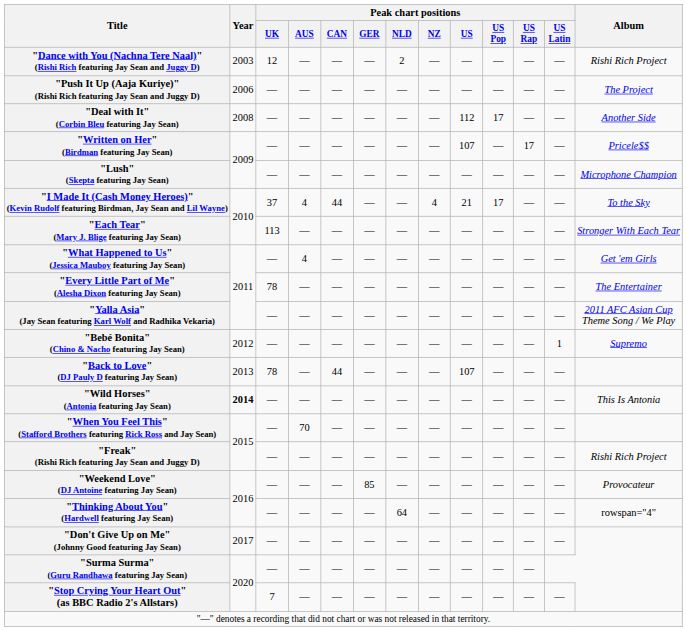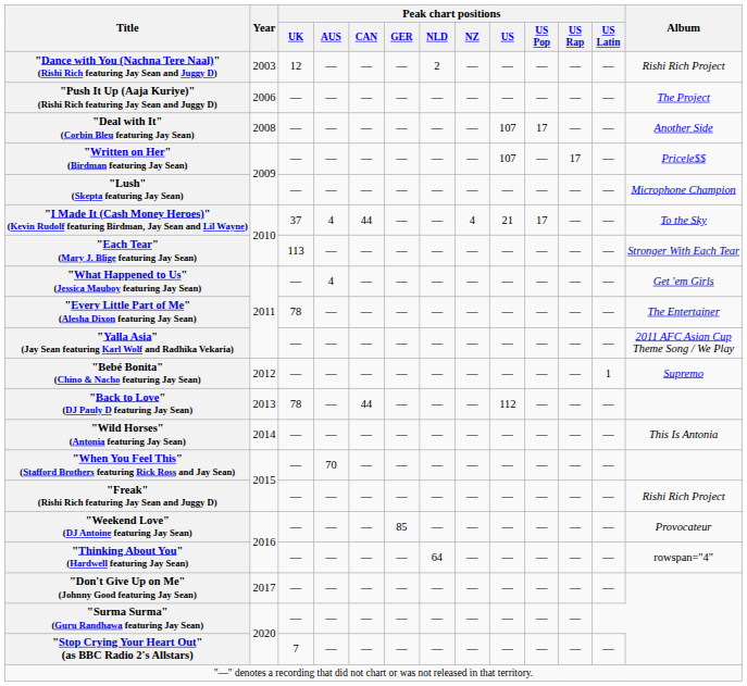 <table class="wikitable plainrowheaders" style="text-align:center;">
 <tr>
 <th scope="col" rowspan="2">Title</th>
 <th scope="col" rowspan="2">Year</th>
 <th scope="col" colspan="10">Peak chart positions</th>
 <th scope="col" rowspan="2">Album</th>
 </tr>
 <tr>
 <th scope="col" style="width:3em;font-size:90%;"><a href='#'>UK</a><br></th>
 <th scope="col" style="width:3em;font-size:90%;"><a href='#'>AUS</a><br></th>
 <th scope="col" style="width:3em;font-size:90%;"><a href='#'>CAN</a><br></th>
 <th scope="col" style="width:3em;font-size:90%;"><a href='#'>GER</a><br></th>
 <th scope="col" style="width:3em;font-size:90%;"><a href='#'>NLD</a><br></th>
 <th scope="col" style="width:3em;font-size:90%;"><a href='#'>NZ</a><br></th>
 <th scope="col" style="width:3em;font-size:90%;"><a href='#'>US</a><br></th>
 <th scope="col" style="width:2.8em;font-size:90%;"><a href='#'>US Pop</a><br></th>
 <th scope="col" style="width:2.8em;font-size:90%;"><a href='#'>US Rap</a><br></th>
 <th scope="col" style="width:2.8em;font-size:90%;"><a href='#'>US Latin</a><br></th>
 </tr>
 <tr>
 <th scope="row">"<a href='#'>Dance with You (Nachna Tere Naal)</a>"<br><small>(<a href='#'>Rishi Rich</a> featuring Jay Sean and <a href='#'>Juggy D</a>)</small></th>
 <td>2003</td>
 <td>12</td>
 <td>—</td>
 <td>—</td>
 <td>—</td>
 <td>2</td>
 <td>—</td>
 <td>—</td>
 <td>—</td>
 <td>—</td>
 <td>—</td>
 <td><em>Rishi Rich Project</em></td>
 </tr>
 <tr>
 <th scope="row">"Push It Up (Aaja Kuriye)"<br><small>(Rishi Rich featuring Jay Sean and Juggy D)</small></th>
 <td>2006</td>
 <td>—</td>
 <td>—</td>
 <td>—</td>
 <td>—</td>
 <td>—</td>
 <td>—</td>
 <td>—</td>
 <td>—</td>
 <td>—</td>
 <td>—</td>
 <td><em><a href='#'>The Project</a></em></td>
 </tr>
 <tr>
 <th scope="row">"Deal with It"<br><small>(<a href='#'>Corbin Bleu</a> featuring Jay Sean)</small></th>
 <td>2008</td>
 <td>—</td>
 <td>—</td>
 <td>—</td>
 <td>—</td>
 <td>—</td>
 <td>—</td>
-<td>112</td>
+<td>107</td>
 <td>17</td>
 <td>—</td>
 <td>—</td>
 <td><em><a href='#'>Another Side</a></em></td>
 </tr>
 <tr>
 <th scope="row">"<a href='#'>Written on Her</a>"<br><small>(<a href='#'>Birdman</a> featuring Jay Sean)</small></th>
 <td rowspan="2">2009</td>
 <td>—</td>
 <td>—</td>
 <td>—</td>
 <td>—</td>
 <td>—</td>
 <td>—</td>
 <td>107</td>
 <td>—</td>
 <td>17</td>
 <td>—</td>
 <td><em><a href='#'>Pricele$$</a></em></td>
 </tr>
 <tr>
 <th scope="row">"Lush"<br><small>(<a href='#'>Skepta</a> featuring Jay Sean)</small></th>
 <td>—</td>
 <td>—</td>
 <td>—</td>
 <td>—</td>
 <td>—</td>
 <td>—</td>
 <td>—</td>
 <td>—</td>
 <td>—</td>
 <td>—</td>
 <td><em><a href='#'>Microphone Champion</a></em></td>
 </tr>
 <tr>
 <th scope="row">"<a href='#'>I Made It (Cash Money Heroes)</a>"<br><small>(<a href='#'>Kevin Rudolf</a> featuring Birdman, Jay Sean and <a href='#'>Lil Wayne</a>)</small></th>
 <td rowspan="2">2010</td>
 <td>37</td>
 <td>4</td>
 <td>44</td>
 <td>—</td>
 <td>—</td>
 <td>4</td>
 <td>21</td>
 <td>17</td>
 <td>—</td>
 <td>—</td>
 <td><em><a href='#'>To the Sky</a></em></td>
 </tr>
 <tr>
 <th scope="row">"<a href='#'>Each Tear</a>"<br><small>(<a href='#'>Mary J. Blige</a> featuring Jay Sean)</small></th>
 <td>113</td>
 <td>—</td>
 <td>—</td>
 <td>—</td>
 <td>—</td>
 <td>—</td>
 <td>—</td>
 <td>—</td>
 <td>—</td>
 <td>—</td>
 <td><em><a href='#'>Stronger With Each Tear</a></em></td>
 </tr>
 <tr>
 <th scope="row">"<a href='#'>What Happened to Us</a>"<br><small>(<a href='#'>Jessica Mauboy</a> featuring Jay Sean)</small></th>
 <td rowspan="3">2011</td>
 <td>—</td>
 <td>4</td>
 <td>—</td>
 <td>—</td>
 <td>—</td>
 <td>—</td>
 <td>—</td>
 <td>—</td>
 <td>—</td>
 <td>—</td>
 <td><em><a href='#'>Get 'em Girls</a></em></td>
 </tr>
 <tr>
 <th scope="row">"<a href='#'>Every Little Part of Me</a>"<br><small>(<a href='#'>Alesha Dixon</a> featuring Jay Sean)</small></th>
 <td>78</td>
 <td>—</td>
 <td>—</td>
 <td>—</td>
 <td>—</td>
 <td>—</td>
 <td>—</td>
 <td>—</td>
 <td>—</td>
 <td>—</td>
 <td><em><a href='#'>The Entertainer</a></em></td>
 </tr>
 <tr>
 <th scope="row">"<a href='#'>Yalla Asia</a>"<br><small>(Jay Sean featuring <a href='#'>Karl Wolf</a> and Radhika Vekaria)</small></th>
 <td>—</td>
 <td>—</td>
 <td>—</td>
 <td>—</td>
 <td>—</td>
 <td>—</td>
 <td>—</td>
 <td>—</td>
 <td>—</td>
 <td>—</td>
 <td><em><a href='#'>2011 AFC Asian Cup</a> <br>Theme Song / We Play</em></td>
 </tr>
 <tr>
 <th scope="row">"Bebé Bonita"<br><small>(<a href='#'>Chino & Nacho</a> featuring Jay Sean)</small></th>
 <td>2012</td>
 <td>—</td>
 <td>—</td>
 <td>—</td>
 <td>—</td>
 <td>—</td>
 <td>—</td>
 <td>—</td>
 <td>—</td>
 <td>—</td>
 <td>1</td>
 <td><em><a href='#'>Supremo</a></em></td>
 </tr>
 <tr>
 <th scope="row">"<a href='#'>Back to Love</a>" <br><small>(<a href='#'>DJ Pauly D</a> featuring Jay Sean)</small></th>
 <td>2013</td>
 <td>78</td>
 <td>—</td>
 <td>44</td>
 <td>—</td>
 <td>—</td>
 <td>—</td>
-<td>107</td>
+<td>112</td>
 <td>—</td>
 <td>—</td>
 <td>—</td>
 <td></td>
 </tr>
 <tr>
 <th scope="row">"Wild Horses"<br><small>(<a href='#'>Antonia</a> featuring Jay Sean)</small></th>
-<td><strong>2014</strong></td>
+<td>2014</td>
 <td>—</td>
 <td>—</td>
 <td>—</td>
 <td>—</td>
 <td>—</td>
 <td>—</td>
 <td>—</td>
 <td>—</td>
 <td>—</td>
 <td>—</td>
 <td><em>This Is Antonia</em></td>
 </tr>
 <tr>
 <th scope="row">"<a href='#'>When You Feel This</a>"<br><small>(<a href='#'>Stafford Brothers</a> featuring <a href='#'>Rick Ross</a> and Jay Sean)</small></th>
 <td rowspan="2">2015</td>
 <td>—</td>
 <td>70</td>
 <td>—</td>
 <td>—</td>
 <td>—</td>
 <td>—</td>
 <td>—</td>
 <td>—</td>
 <td>—</td>
 <td>—</td>
 <td></td>
 </tr>
 <tr>
 <th scope="row">"Freak"<br><small>(Rishi Rich featuring Jay Sean and Juggy D)</small></th>
 <td>—</td>
 <td>—</td>
 <td>—</td>
 <td>—</td>
 <td>—</td>
 <td>—</td>
 <td>—</td>
 <td>—</td>
 <td>—</td>
 <td>—</td>
 <td><em>Rishi Rich Project</em></td>
 </tr>
 <tr>
 <th scope="row">"Weekend Love"<br><small>(<a href='#'>DJ Antoine</a> featuring Jay Sean)</small></th>
 <td rowspan="2">2016</td>
 <td>—</td>
 <td>—</td>
 <td>—</td>
 <td>85</td>
 <td>—</td>
 <td>—</td>
 <td>—</td>
 <td>—</td>
 <td>—</td>
 <td>—</td>
 <td><em>Provocateur</em></td>
 </tr>
 <tr>
 <th scope="row">"<a href='#'>Thinking About You</a>"<br><small>(<a href='#'>Hardwell</a> featuring Jay Sean)</small></th>
 <td>—</td>
 <td>—</td>
 <td>—</td>
 <td>—</td>
 <td>64</td>
 <td>—</td>
 <td>—</td>
 <td>—</td>
 <td>—</td>
 <td>—</td>
 <td>rowspan="4" </td>
 </tr>
 <tr>
 <th scope="row">"Don't Give Up on Me"<br><small>(Johnny Good featuring Jay Sean)</small></th>
 <td>2017</td>
 <td>—</td>
 <td>—</td>
 <td>—</td>
 <td>—</td>
 <td>—</td>
 <td>—</td>
 <td>—</td>
 <td>—</td>
 <td>—</td>
 <td>—</td>
 </tr>
 <tr>
 <th scope="row">"Surma Surma"<br><small>(<a href='#'>Guru Randhawa</a> featuring Jay Sean)</small></th>
 <td rowspan="2">2020</td>
 <td>—</td>
 <td>—</td>
 <td>—</td>
 <td>—</td>
 <td>—</td>
 <td>—</td>
 <td>—</td>
 <td>—</td>
 <td>—</td>
 </tr>
 <tr>
 <th scope="row">"<a href='#'>Stop Crying Your Heart Out</a>"<br><span>(as BBC Radio 2's Allstars)</span></th>
 <td>7</td>
 <td>—</td>
 <td>—</td>
 <td>—</td>
 <td>—</td>
 <td>—</td>
 <td>—</td>
 <td>—</td>
 <td>—</td>
 <td>—</td>
 </tr>
 <tr>
 <td colspan="13" style="font-size:90%">"—" denotes a recording that did not chart or was not released in that territory.</td>
 </tr>
 </table>
